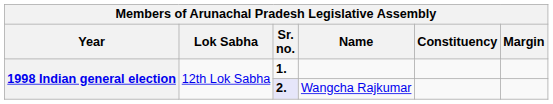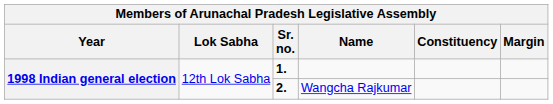 <table class="wikitable sortable">
 <tr>
 <th colspan="6">Members of Arunachal Pradesh Legislative Assembly</th>
 </tr>
 <tr>
 <th>Year</th>
 <th>Lok Sabha</th>
 <th>Sr.<br>no.</th>
 <th>Name</th>
 <th>Constituency</th>
 <th>Margin</th>
 </tr>
 <tr>
 <th rowspan="2"><a href='#'>1998 Indian general election</a></th>
 <td rowspan="2"><a href='#'>12th Lok Sabha</a></td>
 <td><strong>1.</strong></td>
 <td></td>
 <td></td>
 <td></td>
 </tr>
 <tr>
-<td style="background: lavender;"><strong>2.</strong></td>
+<td><strong>2.</strong></td>
 <td><a href='#'>Wangcha Rajkumar</a></td>
 <td></td>
 <td></td>
 </tr>
 </table>
